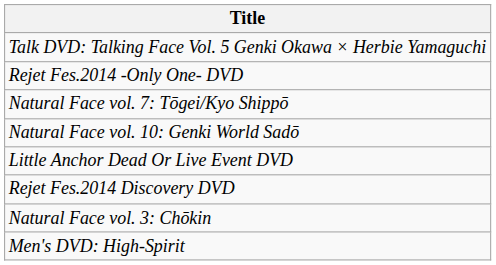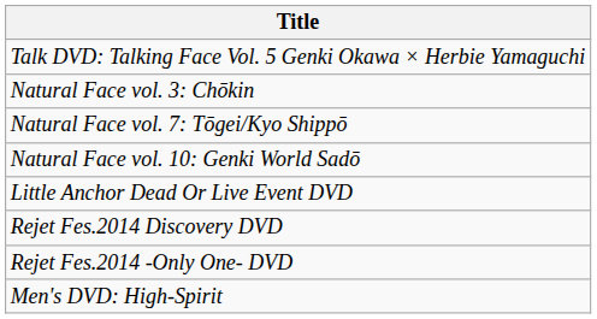 <table class="wikitable">
 <tr>
 <th>Title</th>
 </tr>
 <tr>
 <td><em>Talk DVD: Talking Face Vol. 5 Genki Okawa × Herbie Yamaguchi</em></td>
 </tr>
 <tr>
-<td><em>Rejet Fes.2014 -Only One- DVD</em></td>
+<td><em>Natural Face vol. 3: Chōkin</em></td>
 </tr>
 <tr>
 <td><em>Natural Face vol. 7: Tōgei/Kyo Shippō</em></td>
 </tr>
 <tr>
 <td><em>Natural Face vol. 10: Genki World Sadō</em></td>
 </tr>
 <tr>
 <td><em>Little Anchor Dead Or Live Event DVD</em></td>
 </tr>
 <tr>
 <td><em>Rejet Fes.2014 Discovery DVD</em></td>
 </tr>
 <tr>
-<td><em>Natural Face vol. 3: Chōkin</em></td>
+<td><em>Rejet Fes.2014 -Only One- DVD</em></td>
 </tr>
 <tr>
 <td><em>Men's DVD: High-Spirit</em></td>
 </tr>
 </table>
